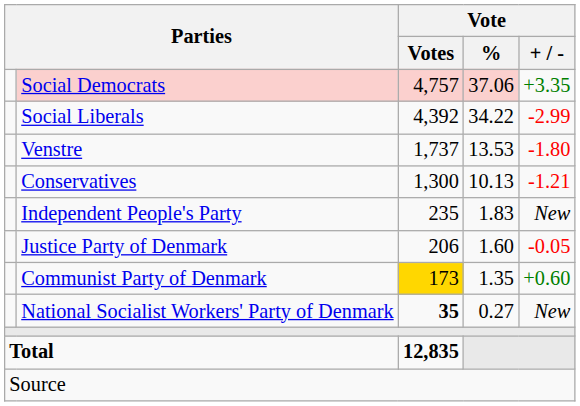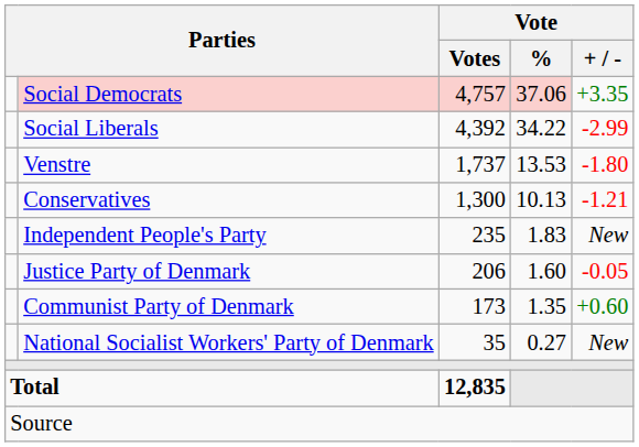 <table class="wikitable" style="text-align:right;">
 <tr>
 <th style="text-align:centre;" rowspan="2" colspan="2" width="225">Parties</th>
 <th colspan="3">Vote</th>
 </tr>
 <tr>
 <th width="15">Votes</th>
 <th width="15">%</th>
 <th width="15">+ / -</th>
 </tr>
 <tr>
 <td width="2" style="color:inherit;background:"></td>
 <td bgcolor=#fbd0ce  align="left"><a href='#'>Social Democrats</a></td>
 <td bgcolor=#fbd0ce>4,757</td>
 <td bgcolor=#fbd0ce>37.06</td>
 <td style=color:green;>+3.35</td>
 </tr>
 <tr>
 <td width="2" style="color:inherit;background:"></td>
 <td align="left"><a href='#'>Social Liberals</a></td>
 <td>4,392</td>
 <td>34.22</td>
 <td style=color:red;>-2.99</td>
 </tr>
 <tr>
 <td width="2" style="color:inherit;background:"></td>
 <td align="left"><a href='#'>Venstre</a></td>
 <td>1,737</td>
 <td>13.53</td>
 <td style=color:red;>-1.80</td>
 </tr>
 <tr>
 <td width="2" style="color:inherit;background:"></td>
 <td align="left"><a href='#'>Conservatives</a></td>
 <td>1,300</td>
 <td>10.13</td>
 <td style=color:red;>-1.21</td>
 </tr>
 <tr>
 <td width="2" style="color:inherit;background:"></td>
 <td align="left"><a href='#'>Independent People's Party</a></td>
 <td>235</td>
 <td>1.83</td>
 <td><em>New</em></td>
 </tr>
 <tr>
 <td width="2" style="color:inherit;background:"></td>
 <td align="left"><a href='#'>Justice Party of Denmark</a></td>
 <td>206</td>
 <td>1.60</td>
 <td style=color:red;>-0.05</td>
 </tr>
 <tr>
 <td width="2" style="color:inherit;background:"></td>
 <td align="left"><a href='#'>Communist Party of Denmark</a></td>
-<td style="background: gold;">173</td>
+<td>173</td>
 <td>1.35</td>
 <td style=color:green;>+0.60</td>
 </tr>
 <tr>
 <td width="2" style="color:inherit;background:"></td>
 <td align="left"><a href='#'>National Socialist Workers' Party of Denmark</a></td>
-<td><strong>35</strong></td>
+<td>35</td>
 <td>0.27</td>
 <td><em>New</em></td>
 </tr>
 <tr>
 <td colspan="7" bgcolor="#E9E9E9"></td>
 </tr>
 <tr>
 <td align="left" colspan="2"><strong>Total</strong></td>
 <td><strong>12,835</strong></td>
 <td bgcolor="#E9E9E9" colspan="2"></td>
 </tr>
 <tr>
 <td align="left" colspan="6">Source</td>
 </tr>
 </table>
